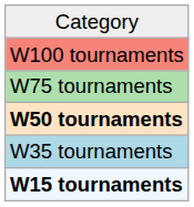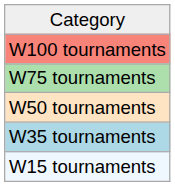 <table class=wikitable style=font-size:90%;>
 <tr align=center>
 <td style="background:#efefef;">Category</td>
 </tr>
 <tr style="background:#f88379;">
 <td>W100 tournaments</td>
 </tr>
 <tr style="background:#addfad;">
 <td>W75 tournaments</td>
 </tr>
 <tr style="background:#ffe4c4;">
-<td><strong>W50 tournaments</strong></td>
+<td>W50 tournaments</td>
 </tr>
 <tr style="background:lightblue;">
 <td>W35 tournaments</td>
 </tr>
 <tr style="background:#f0f8ff;">
-<td><strong>W15 tournaments</strong></td>
+<td>W15 tournaments</td>
 </tr>
 </table>
